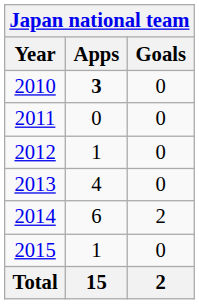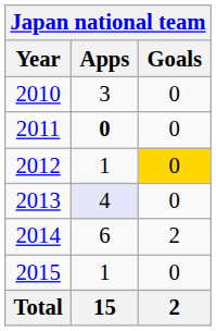 <table class="wikitable" style="text-align:center">
 <tr>
 <th colspan=3><a href='#'>Japan national team</a></th>
 </tr>
 <tr>
 <th>Year</th>
 <th>Apps</th>
 <th>Goals</th>
 </tr>
 <tr>
 <td><a href='#'>2010</a></td>
-<td><strong>3</strong></td>
+<td>3</td>
 <td>0</td>
 </tr>
 <tr>
 <td><a href='#'>2011</a></td>
-<td>0</td>
+<td><strong>0</strong></td>
 <td>0</td>
 </tr>
 <tr>
 <td><a href='#'>2012</a></td>
 <td>1</td>
-<td>0</td>
+<td style="background: gold;">0</td>
 </tr>
 <tr>
 <td><a href='#'>2013</a></td>
-<td>4</td>
+<td style="background: lavender;">4</td>
 <td>0</td>
 </tr>
 <tr>
 <td><a href='#'>2014</a></td>
 <td>6</td>
 <td>2</td>
 </tr>
 <tr>
 <td><a href='#'>2015</a></td>
 <td>1</td>
 <td>0</td>
 </tr>
 <tr>
 <th>Total</th>
 <th>15</th>
 <th>2</th>
 </tr>
 </table>
